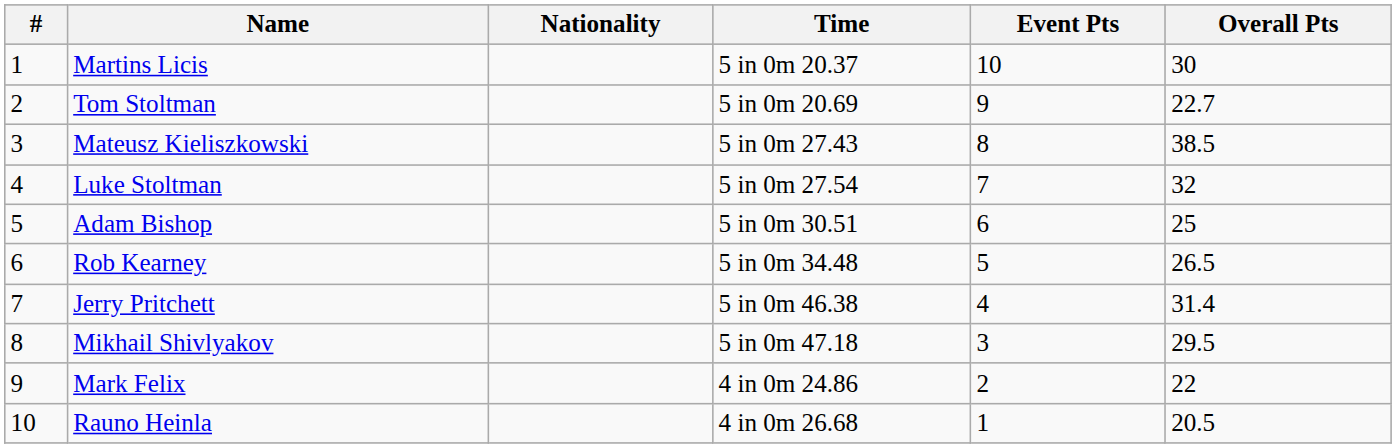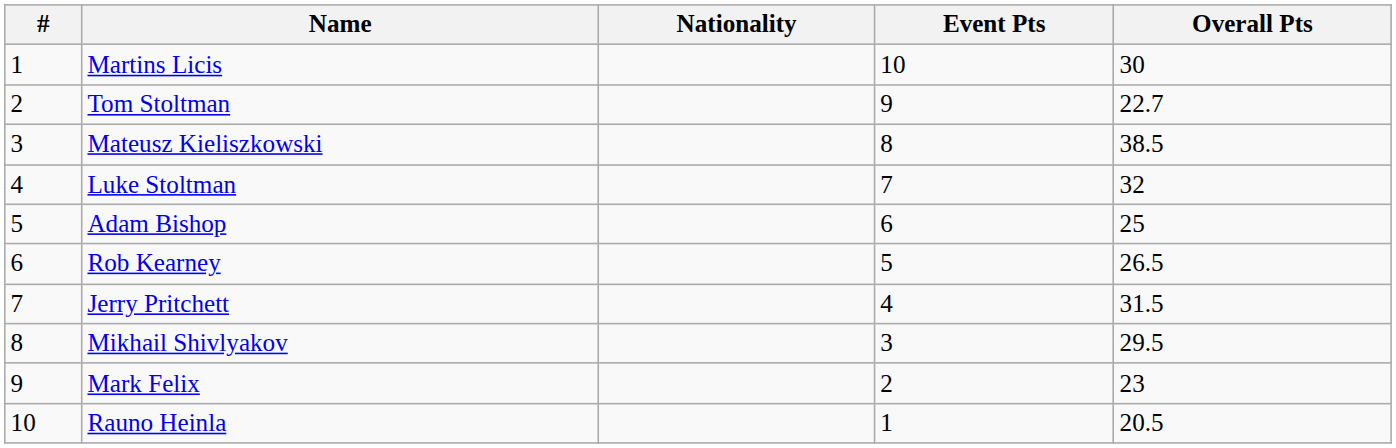 <table class="wikitable sortable" style="display: inline-table;width: 100%;">
 <tr>
 <th>#</th>
 <th>Name</th>
 <th>Nationality</th>
-<th>Time</th>
 <th>Event Pts</th>
 <th>Overall Pts</th>
 </tr>
 <tr>
 <td>1</td>
 <td><a href='#'>Martins Licis</a></td>
 <td></td>
-<td>5 in 0m 20.37</td>
 <td>10</td>
 <td>30</td>
 </tr>
 <tr>
 <td>2</td>
 <td><a href='#'>Tom Stoltman</a></td>
 <td></td>
-<td>5 in 0m 20.69</td>
 <td>9</td>
 <td>22.7</td>
 </tr>
 <tr>
 <td>3</td>
 <td><a href='#'>Mateusz Kieliszkowski</a></td>
 <td></td>
-<td>5 in 0m 27.43</td>
 <td>8</td>
 <td>38.5</td>
 </tr>
 <tr>
 <td>4</td>
 <td><a href='#'>Luke Stoltman</a></td>
 <td></td>
-<td>5 in 0m 27.54</td>
 <td>7</td>
 <td>32</td>
 </tr>
 <tr>
 <td>5</td>
 <td><a href='#'>Adam Bishop</a></td>
 <td></td>
-<td>5 in 0m 30.51</td>
 <td>6</td>
 <td>25</td>
 </tr>
 <tr>
 <td>6</td>
 <td><a href='#'>Rob Kearney</a></td>
 <td></td>
-<td>5 in 0m 34.48</td>
 <td>5</td>
 <td>26.5</td>
 </tr>
 <tr>
 <td>7</td>
 <td><a href='#'>Jerry Pritchett</a></td>
 <td></td>
-<td>5 in 0m 46.38</td>
 <td>4</td>
-<td>31.4</td>
+<td>31.5</td>
 </tr>
 <tr>
 <td>8</td>
 <td><a href='#'>Mikhail Shivlyakov</a></td>
 <td></td>
-<td>5 in 0m 47.18</td>
 <td>3</td>
 <td>29.5</td>
 </tr>
 <tr>
 <td>9</td>
 <td><a href='#'>Mark Felix</a></td>
 <td></td>
-<td>4 in 0m 24.86</td>
 <td>2</td>
-<td>22</td>
+<td>23</td>
 </tr>
 <tr>
 <td>10</td>
 <td><a href='#'>Rauno Heinla</a></td>
 <td></td>
-<td>4 in 0m 26.68</td>
 <td>1</td>
 <td>20.5</td>
 </tr>
 </table>
